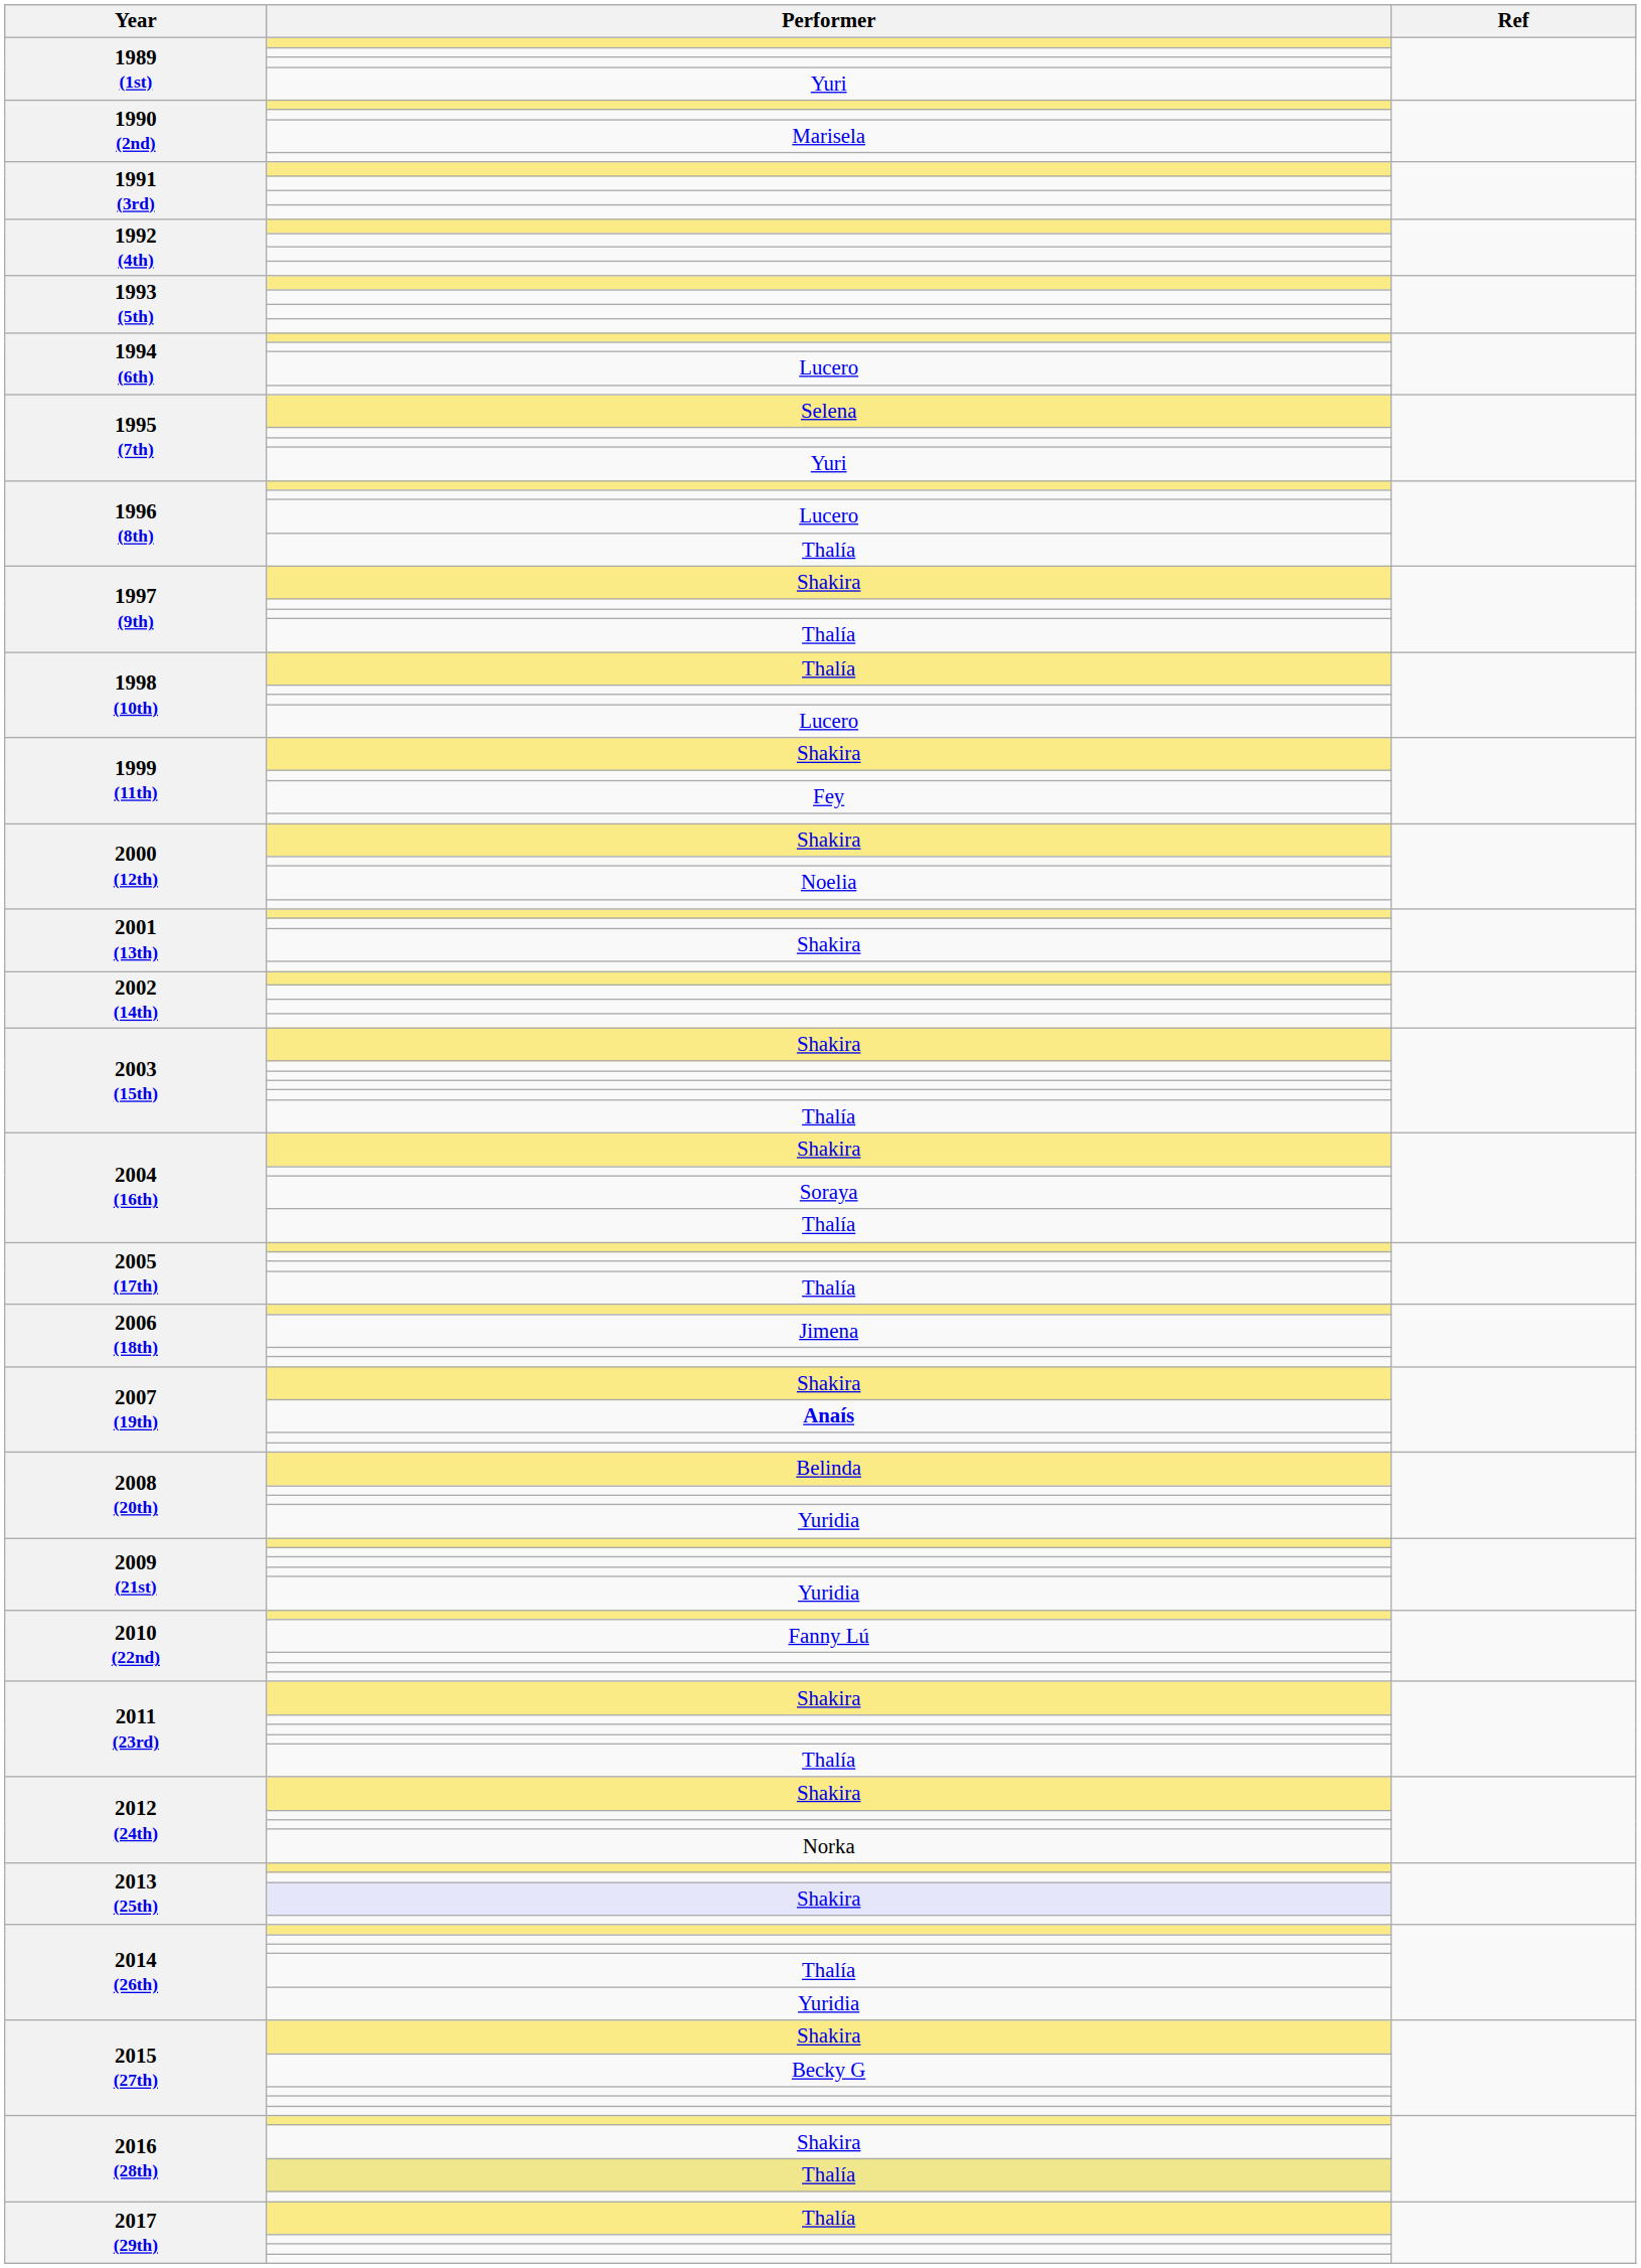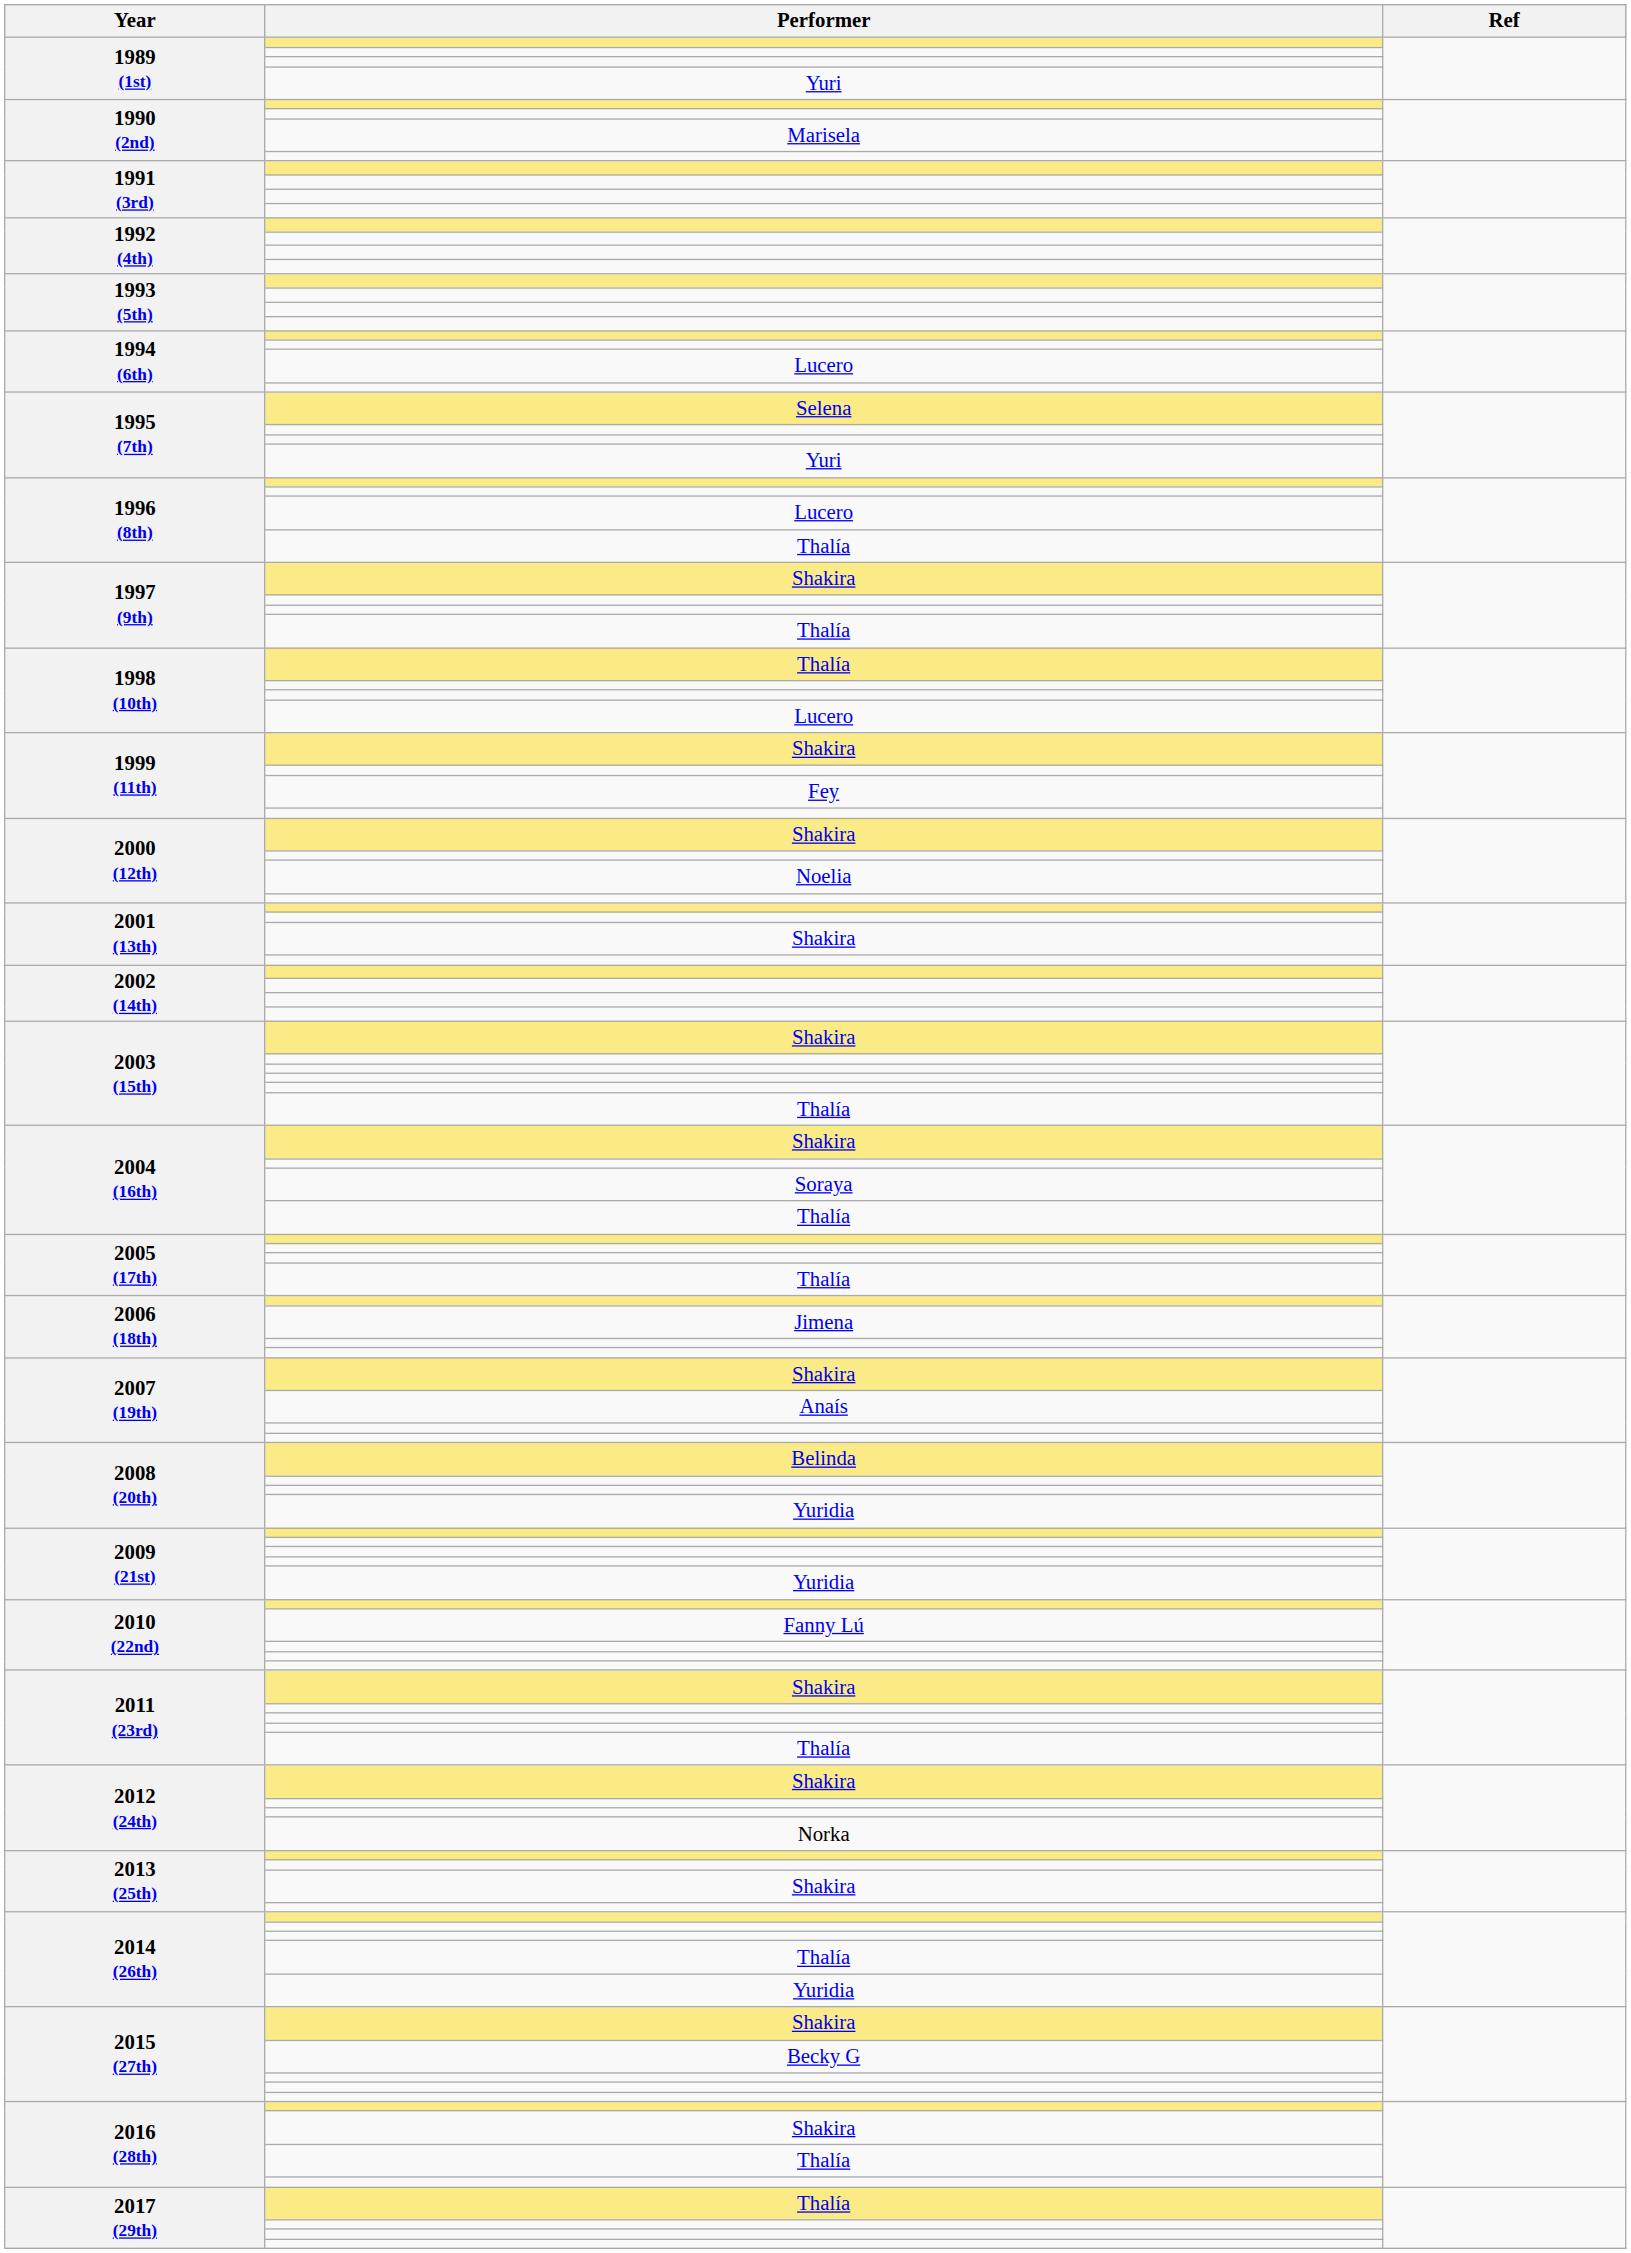 <table class="wikitable sortable" style="text-align:center;">
 <tr style="background:#bebebe;">
 <th scope="col" style="width:1%;">Year</th>
 <th scope="col" style="width:5%;">Performer</th>
 <th scope="col" style="width:1%;" class="unsortable">Ref</th>
 </tr>
 <tr>
 <th scope="row"  rowspan=4>1989 <br><small><a href='#'>(1st)</a></small></th>
 <td style="background:#FAEB86"></td>
 <td rowspan=4></td>
 </tr>
 <tr>
 <td></td>
 </tr>
 <tr>
 <td></td>
 </tr>
 <tr>
 <td><a href='#'>Yuri</a></td>
 </tr>
 <tr>
 <th scope="row" rowspan=4>1990 <br><small><a href='#'>(2nd)</a></small></th>
 <td style="background:#FAEB86"></td>
 <td rowspan=4></td>
 </tr>
 <tr>
 <td></td>
 </tr>
 <tr>
 <td><a href='#'>Marisela</a></td>
 </tr>
 <tr>
 <td></td>
 </tr>
 <tr>
 <th scope="row" rowspan=4>1991 <br><small><a href='#'>(3rd)</a></small></th>
 <td style="background:#FAEB86"></td>
 <td rowspan=4></td>
 </tr>
 <tr>
 <td></td>
 </tr>
 <tr>
 <td></td>
 </tr>
 <tr>
 <td></td>
 </tr>
 <tr>
 <th scope="row"  rowspan=4>1992 <br><small><a href='#'>(4th)</a></small></th>
 <td style="background:#FAEB86"></td>
 <td rowspan=4></td>
 </tr>
 <tr>
 <td></td>
 </tr>
 <tr>
 <td></td>
 </tr>
 <tr>
 <td></td>
 </tr>
 <tr>
 <th scope="row"  rowspan=4>1993 <br><small><a href='#'>(5th)</a></small></th>
 <td style="background:#FAEB86"></td>
 <td rowspan=4></td>
 </tr>
 <tr>
 <td></td>
 </tr>
 <tr>
 <td></td>
 </tr>
 <tr>
 <td></td>
 </tr>
 <tr>
 <th scope="row"  rowspan=4>1994 <br><small><a href='#'>(6th)</a></small></th>
 <td style="background:#FAEB86"></td>
 <td rowspan=4></td>
 </tr>
 <tr>
 <td></td>
 </tr>
 <tr>
 <td><a href='#'>Lucero</a></td>
 </tr>
 <tr>
 <td></td>
 </tr>
 <tr>
 <th scope="row"  rowspan=4>1995 <br><small><a href='#'>(7th)</a></small></th>
 <td style="background:#FAEB86"><a href='#'>Selena</a></td>
 <td rowspan=4></td>
 </tr>
 <tr>
 <td></td>
 </tr>
 <tr>
 <td></td>
 </tr>
 <tr>
 <td><a href='#'>Yuri</a></td>
 </tr>
 <tr>
 <th scope="row"  rowspan=4>1996 <br><small><a href='#'>(8th)</a></small></th>
 <td style="background:#FAEB86"></td>
 <td rowspan=4></td>
 </tr>
 <tr>
 <td></td>
 </tr>
 <tr>
 <td><a href='#'>Lucero</a></td>
 </tr>
 <tr>
 <td><a href='#'>Thalía</a></td>
 </tr>
 <tr>
 <th scope="row" rowspan=4>1997 <br><small><a href='#'>(9th)</a></small></th>
 <td style="background:#FAEB86"><a href='#'>Shakira</a></td>
 <td rowspan=4></td>
 </tr>
 <tr>
 <td></td>
 </tr>
 <tr>
 <td></td>
 </tr>
 <tr>
 <td><a href='#'>Thalía</a></td>
 </tr>
 <tr>
 <th scope="row" rowspan=4>1998 <br><small><a href='#'>(10th)</a></small></th>
 <td style="background:#FAEB86"><a href='#'>Thalía</a></td>
 <td rowspan=4></td>
 </tr>
 <tr>
 <td></td>
 </tr>
 <tr>
 <td></td>
 </tr>
 <tr>
 <td><a href='#'>Lucero</a></td>
 </tr>
 <tr>
 <th scope="row" rowspan=4>1999 <br><small><a href='#'>(11th)</a></small></th>
 <td style="background:#FAEB86"><a href='#'>Shakira</a></td>
 <td rowspan=4></td>
 </tr>
 <tr>
 <td></td>
 </tr>
 <tr>
 <td><a href='#'>Fey</a></td>
 </tr>
 <tr>
 <td></td>
 </tr>
 <tr>
 <th scope="row" rowspan=4>2000 <br><small><a href='#'>(12th)</a></small></th>
 <td style="background:#FAEB86"><a href='#'>Shakira</a></td>
 <td rowspan=4></td>
 </tr>
 <tr>
 <td></td>
 </tr>
 <tr>
 <td><a href='#'>Noelia</a></td>
 </tr>
 <tr>
 <td></td>
 </tr>
 <tr>
 <th scope="row" rowspan=4>2001 <br><small><a href='#'>(13th)</a></small></th>
 <td style="background:#FAEB86"></td>
 <td rowspan=4></td>
 </tr>
 <tr>
 <td></td>
 </tr>
 <tr>
 <td><a href='#'>Shakira</a></td>
 </tr>
 <tr>
 <td></td>
 </tr>
 <tr>
 <th scope="row" rowspan=4>2002 <br><small><a href='#'>(14th)</a></small></th>
 <td style="background:#FAEB86"></td>
 <td rowspan=4></td>
 </tr>
 <tr>
 <td></td>
 </tr>
 <tr>
 <td></td>
 </tr>
 <tr>
 <td></td>
 </tr>
 <tr>
 <th scope="row" rowspan=6>2003 <br><small><a href='#'>(15th)</a></small></th>
 <td style="background:#FAEB86"><a href='#'>Shakira</a></td>
 <td rowspan=6></td>
 </tr>
 <tr>
 <td></td>
 </tr>
 <tr>
 <td></td>
 </tr>
 <tr>
 <td></td>
 </tr>
 <tr>
 <td></td>
 </tr>
 <tr>
 <td><a href='#'>Thalía</a></td>
 </tr>
 <tr>
 <th scope="row" rowspan=4>2004 <br><small><a href='#'>(16th)</a></small></th>
 <td style="background:#FAEB86"><a href='#'>Shakira</a></td>
 <td rowspan=4></td>
 </tr>
 <tr>
 <td></td>
 </tr>
 <tr>
 <td><a href='#'>Soraya</a></td>
 </tr>
 <tr>
 <td><a href='#'>Thalía</a></td>
 </tr>
 <tr>
 <th scope="row" rowspan=4>2005 <br><small><a href='#'>(17th)</a></small></th>
 <td style="background:#FAEB86"></td>
 <td rowspan=4></td>
 </tr>
 <tr>
 <td></td>
 </tr>
 <tr>
 <td></td>
 </tr>
 <tr>
 <td><a href='#'>Thalía</a></td>
 </tr>
 <tr>
 <th scope="row" rowspan=4>2006 <br><small><a href='#'>(18th)</a></small></th>
 <td style="background:#FAEB86"></td>
 <td rowspan=4></td>
 </tr>
 <tr>
 <td><a href='#'>Jimena</a></td>
 </tr>
 <tr>
 <td></td>
 </tr>
 <tr>
 <td></td>
 </tr>
 <tr>
 <th scope="row" rowspan=4>2007 <br><small><a href='#'>(19th)</a></small></th>
 <td style="background:#FAEB86"><a href='#'>Shakira</a></td>
 <td rowspan=4></td>
 </tr>
 <tr>
-<td><strong><a href='#'>Anaís</a></strong></td>
+<td><a href='#'>Anaís</a></td>
 </tr>
 <tr>
 <td></td>
 </tr>
 <tr>
 <td></td>
 </tr>
 <tr>
 <th scope="row" rowspan=4>2008 <br><small><a href='#'>(20th)</a></small></th>
 <td style="background:#FAEB86"><a href='#'>Belinda</a></td>
 <td rowspan=4></td>
 </tr>
 <tr>
 <td></td>
 </tr>
 <tr>
 <td></td>
 </tr>
 <tr>
 <td><a href='#'>Yuridia</a></td>
 </tr>
 <tr>
 <th scope="row" rowspan=5>2009 <br><small><a href='#'>(21st)</a></small></th>
 <td style="background:#FAEB86"></td>
 <td rowspan=5></td>
 </tr>
 <tr>
 <td></td>
 </tr>
 <tr>
 <td></td>
 </tr>
 <tr>
 <td></td>
 </tr>
 <tr>
 <td><a href='#'>Yuridia</a></td>
 </tr>
 <tr>
 <th scope="row" rowspan=5>2010 <br><small><a href='#'>(22nd)</a></small></th>
 <td style="background:#FAEB86"></td>
 <td rowspan=5></td>
 </tr>
 <tr>
 <td><a href='#'>Fanny Lú</a></td>
 </tr>
 <tr>
 <td></td>
 </tr>
 <tr>
 <td></td>
 </tr>
 <tr>
 <td></td>
 </tr>
 <tr>
 <th scope="row" rowspan=5>2011 <br><small><a href='#'>(23rd)</a></small></th>
 <td style="background:#FAEB86"><a href='#'>Shakira</a></td>
 <td rowspan=5></td>
 </tr>
 <tr>
 <td></td>
 </tr>
 <tr>
 <td></td>
 </tr>
 <tr>
 <td></td>
 </tr>
 <tr>
 <td><a href='#'>Thalía</a></td>
 </tr>
 <tr>
 <th scope="row" rowspan=4>2012 <br><small><a href='#'>(24th)</a></small></th>
 <td style="background:#FAEB86"><a href='#'>Shakira</a></td>
 <td rowspan=4></td>
 </tr>
 <tr>
 <td></td>
 </tr>
 <tr>
 <td></td>
 </tr>
 <tr>
 <td>Norka</td>
 </tr>
 <tr>
 <th scope="row" rowspan=4>2013 <br><small><a href='#'>(25th)</a></small></th>
 <td style="background:#FAEB86"></td>
 <td rowspan=4></td>
 </tr>
 <tr>
 <td></td>
 </tr>
 <tr>
-<td style="background: lavender;"><a href='#'>Shakira</a></td>
+<td><a href='#'>Shakira</a></td>
 </tr>
 <tr>
 <td></td>
 </tr>
 <tr>
 <th scope="row" rowspan=5>2014 <br><small><a href='#'>(26th)</a></small></th>
 <td style="background:#FAEB86"></td>
 <td rowspan=5></td>
 </tr>
 <tr>
 <td></td>
 </tr>
 <tr>
 <td></td>
 </tr>
 <tr>
 <td><a href='#'>Thalía</a></td>
 </tr>
 <tr>
 <td><a href='#'>Yuridia</a></td>
 </tr>
 <tr>
 <th scope="row" rowspan=5>2015 <br><small><a href='#'>(27th)</a></small></th>
 <td style="background:#FAEB86"><a href='#'>Shakira</a></td>
 <td rowspan=5></td>
 </tr>
 <tr>
 <td><a href='#'>Becky G</a></td>
 </tr>
 <tr>
 <td></td>
 </tr>
 <tr>
 <td></td>
 </tr>
 <tr>
 <td></td>
 </tr>
 <tr>
 <th scope="row" rowspan=4>2016 <br><small><a href='#'>(28th)</a></small></th>
 <td style="background:#FAEB86"></td>
 <td rowspan=4></td>
 </tr>
 <tr>
 <td><a href='#'>Shakira</a></td>
 </tr>
 <tr>
-<td style="background: khaki;"><a href='#'>Thalía</a></td>
+<td><a href='#'>Thalía</a></td>
 </tr>
 <tr>
 <td></td>
 </tr>
 <tr>
 <th scope="row" rowspan=4>2017 <br><small><a href='#'>(29th)</a></small></th>
 <td style="background:#FAEB86"><a href='#'>Thalía</a></td>
 <td rowspan=4></td>
 </tr>
 <tr>
 <td></td>
 </tr>
 <tr>
 <td></td>
 </tr>
 <tr>
 <td></td>
 </tr>
 <tr>
 </tr>
 </table>
